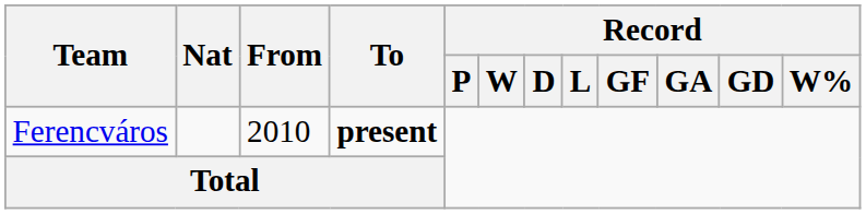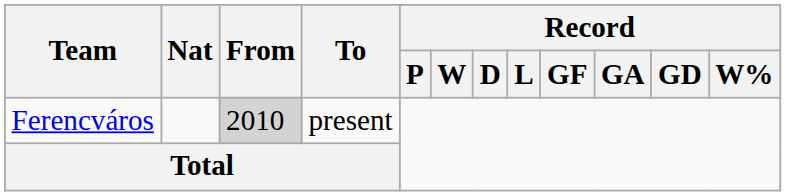 <table class="wikitable" style="text-align: center">
 <tr>
 <th rowspan="2">Team</th>
 <th rowspan="2">Nat</th>
 <th rowspan="2">From</th>
 <th rowspan="2">To</th>
 <th colspan="8">Record</th>
 </tr>
 <tr>
 <th>P</th>
 <th>W</th>
 <th>D</th>
 <th>L</th>
 <th>GF</th>
 <th>GA</th>
 <th>GD</th>
 <th>W%</th>
 </tr>
 <tr>
 <td align=left><a href='#'>Ferencváros</a></td>
 <td></td>
-<td align=left>2010</td>
-<td align=left><strong>present<br></strong></td>
+<td align=left style="background: lightgrey;">2010</td>
+<td align=left>present<br></td>
 </tr>
 <tr>
 <th colspan="4">Total<br></th>
 </tr>
 </table>
